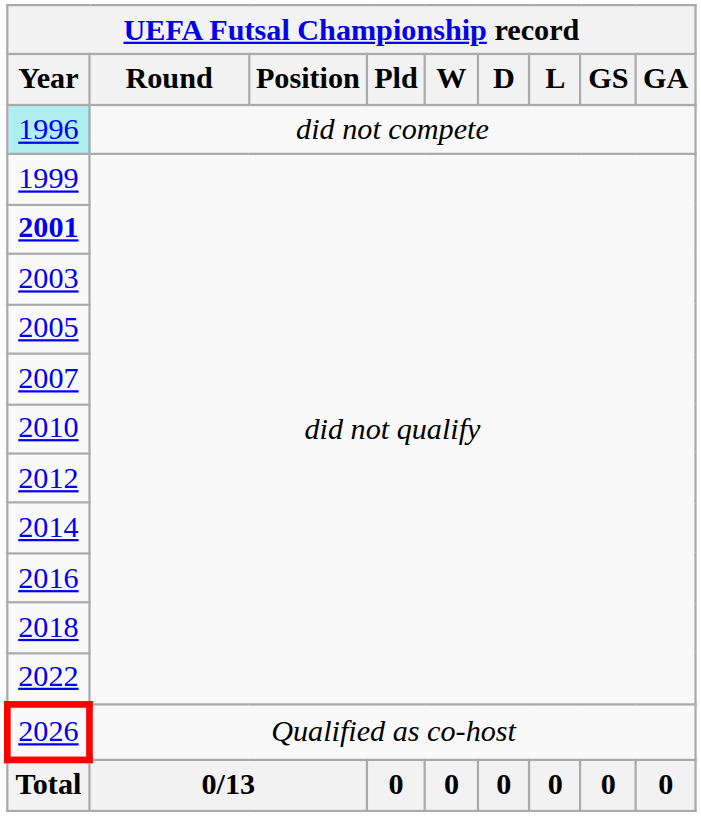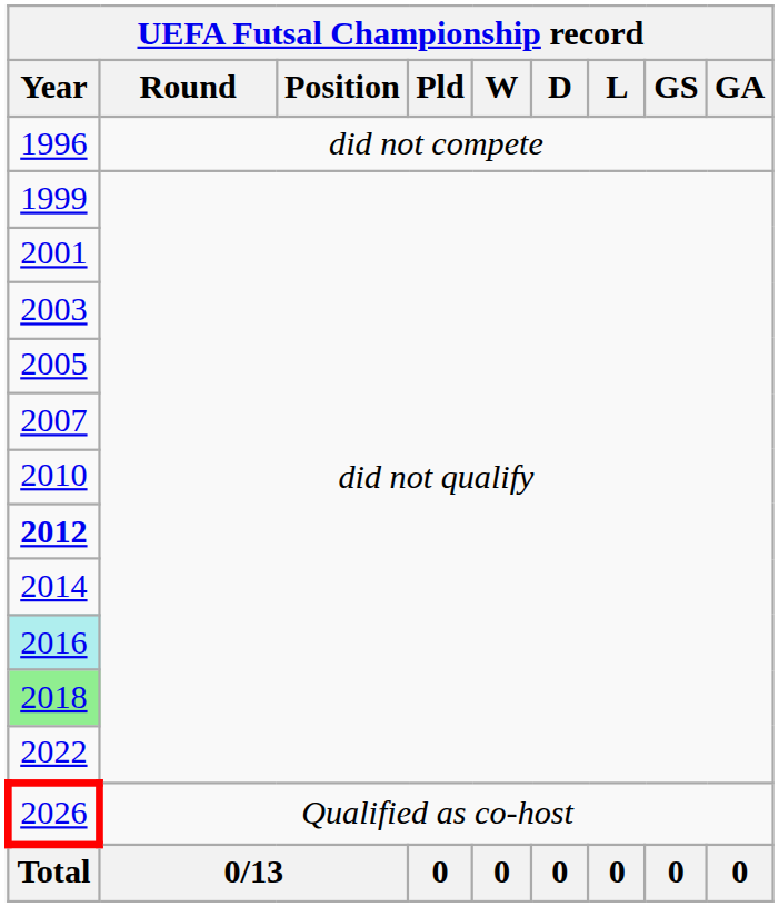 <table class="wikitable" width=50% style="text-align: center;font-size:85%;">
 <tr>
 <th colspan=9><a href='#'>UEFA Futsal Championship</a> record</th>
 </tr>
 <tr>
 <th width=12%>Year</th>
 <th width=25%>Round</th>
 <th width=6%>Position</th>
 <th width=8%>Pld</th>
 <th width=8%>W</th>
 <th width=8%>D</th>
 <th width=8%>L</th>
 <th width=8%>GS</th>
 <th width=8%>GA</th>
 </tr>
 <tr>
-<td style="background: paleturquoise;"> <a href='#'>1996</a></td>
+<td> <a href='#'>1996</a></td>
 <td colspan=8><em>did not compete</em></td>
 </tr>
 <tr>
 <td> <a href='#'>1999</a></td>
 <td rowspan=11 colspan=8><em>did not qualify</em></td>
 </tr>
 <tr>
-<td><strong> <a href='#'>2001</a></strong></td>
+<td> <a href='#'>2001</a></td>
 </tr>
 <tr>
 <td> <a href='#'>2003</a></td>
 </tr>
 <tr>
 <td> <a href='#'>2005</a></td>
 </tr>
 <tr>
 <td> <a href='#'>2007</a></td>
 </tr>
 <tr>
 <td> <a href='#'>2010</a></td>
 </tr>
 <tr>
-<td> <a href='#'>2012</a></td>
+<td><strong> <a href='#'>2012</a></strong></td>
 </tr>
 <tr>
 <td> <a href='#'>2014</a></td>
 </tr>
 <tr>
-<td> <a href='#'>2016</a></td>
+<td style="background: paleturquoise;"> <a href='#'>2016</a></td>
 </tr>
 <tr>
-<td> <a href='#'>2018</a></td>
+<td style="background: lightgreen;"> <a href='#'>2018</a></td>
 </tr>
 <tr>
 <td> <a href='#'>2022</a></td>
 </tr>
 <tr>
 <td style="border: 3px solid red"> <a href='#'>2026</a></td>
 <td colspan=8><em>Qualified as co-host</em></td>
 </tr>
 <tr>
 <th><strong>Total</strong></th>
 <th colspan=2>0/13</th>
 <th>0</th>
 <th>0</th>
 <th>0</th>
 <th>0</th>
 <th>0</th>
 <th>0</th>
 </tr>
 </table>
